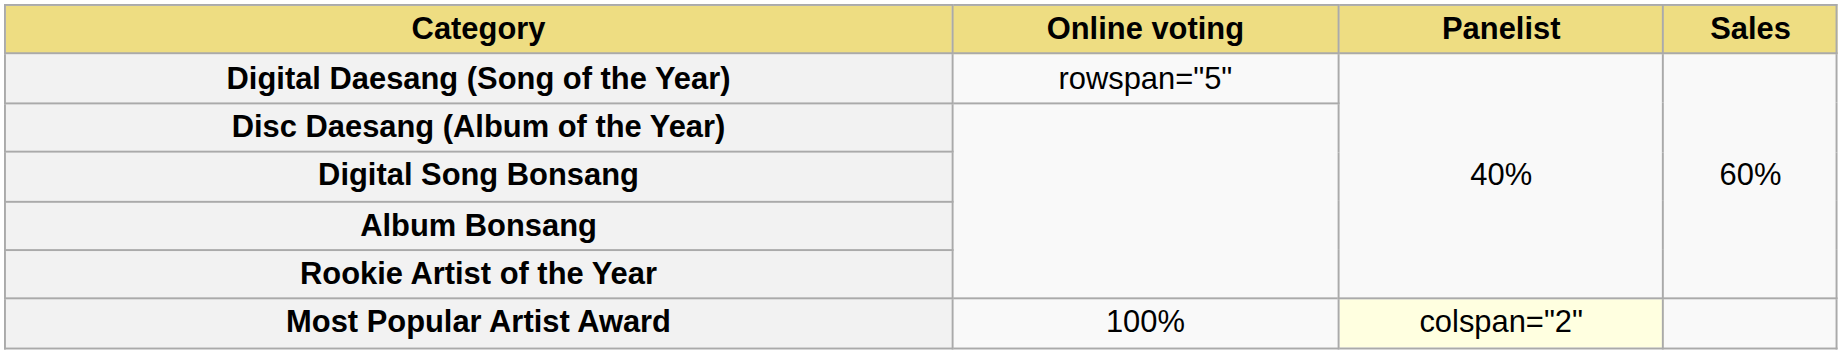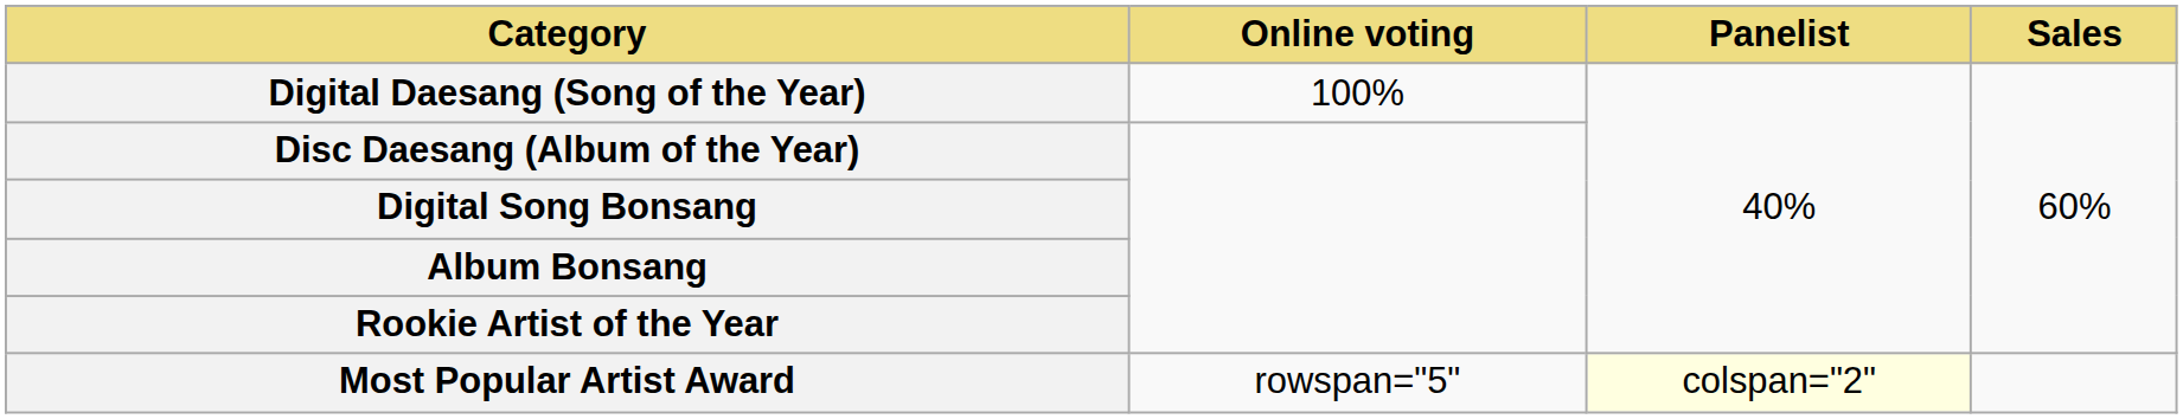 <table class="wikitable" style="text-align:center; width:60%">
 <tr>
 <th scope="col" style="background:#EEDD82">Category</th>
 <th scope="col" style="background:#EEDD82">Online voting</th>
 <th scope="col" style="background:#EEDD82">Panelist</th>
 <th scope="col" style="background:#EEDD82">Sales</th>
 </tr>
 <tr>
 <th scope="col">Digital Daesang (Song of the Year)</th>
-<td>rowspan="5" </td>
+<td>100%</td>
 <td rowspan="5">40%</td>
 <td rowspan="5">60%</td>
 </tr>
 <tr>
 <th scope="col">Disc Daesang (Album of the Year)</th>
 </tr>
 <tr>
 <th scope="col">Digital Song Bonsang</th>
 </tr>
 <tr>
 <th scope="col">Album Bonsang</th>
 </tr>
 <tr>
 <th scope="col">Rookie Artist of the Year</th>
 </tr>
 <tr>
 <th scope="col">Most Popular Artist Award</th>
-<td>100%</td>
+<td>rowspan="5" </td>
 <td style="background: lightyellow;">colspan="2" </td>
 </tr>
 </table>
